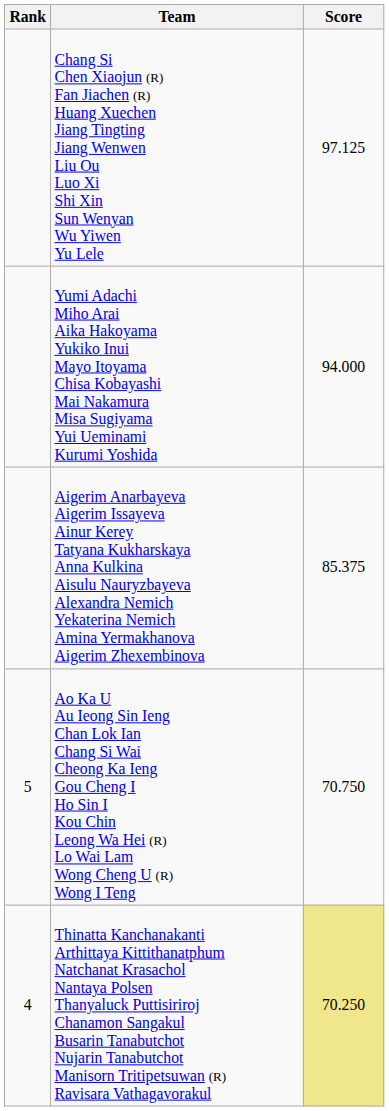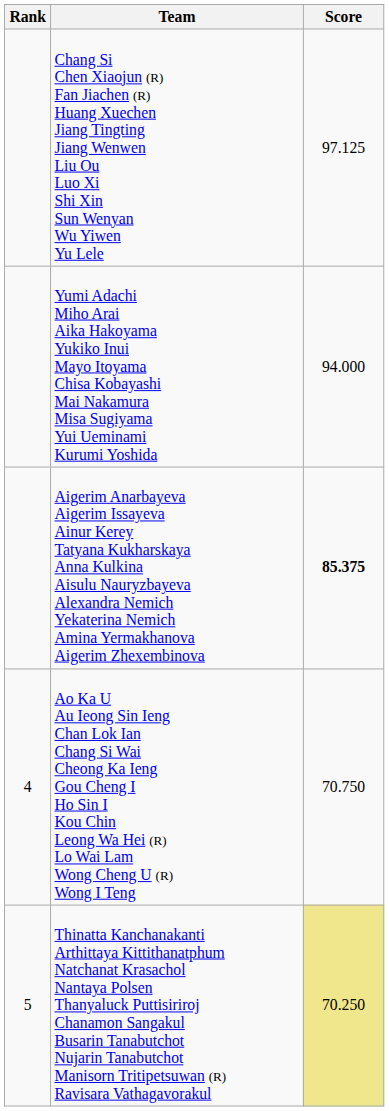 <table class=wikitable style="text-align:center">
 <tr>
 <th width=40>Rank</th>
 <th width=250>Team</th>
 <th width=75>Score</th>
 </tr>
 <tr>
 <td></td>
 <td align=left><br><a href='#'>Chang Si</a><br><a href='#'>Chen Xiaojun</a> <small>(R)</small><br><a href='#'>Fan Jiachen</a> <small>(R)</small><br><a href='#'>Huang Xuechen</a><br><a href='#'>Jiang Tingting</a><br><a href='#'>Jiang Wenwen</a><br><a href='#'>Liu Ou</a><br><a href='#'>Luo Xi</a><br><a href='#'>Shi Xin</a><br><a href='#'>Sun Wenyan</a><br><a href='#'>Wu Yiwen</a><br><a href='#'>Yu Lele</a></td>
 <td>97.125</td>
 </tr>
 <tr>
 <td></td>
 <td align=left><br><a href='#'>Yumi Adachi</a><br><a href='#'>Miho Arai</a><br><a href='#'>Aika Hakoyama</a><br><a href='#'>Yukiko Inui</a><br><a href='#'>Mayo Itoyama</a><br><a href='#'>Chisa Kobayashi</a><br><a href='#'>Mai Nakamura</a><br><a href='#'>Misa Sugiyama</a><br><a href='#'>Yui Ueminami</a><br><a href='#'>Kurumi Yoshida</a></td>
 <td>94.000</td>
 </tr>
 <tr>
 <td></td>
 <td align=left><br><a href='#'>Aigerim Anarbayeva</a><br><a href='#'>Aigerim Issayeva</a><br><a href='#'>Ainur Kerey</a><br><a href='#'>Tatyana Kukharskaya</a><br><a href='#'>Anna Kulkina</a><br><a href='#'>Aisulu Nauryzbayeva</a><br><a href='#'>Alexandra Nemich</a><br><a href='#'>Yekaterina Nemich</a><br><a href='#'>Amina Yermakhanova</a><br><a href='#'>Aigerim Zhexembinova</a></td>
-<td>85.375</td>
+<td><strong>85.375</strong></td>
 </tr>
 <tr>
-<td>5</td>
+<td>4</td>
 <td align=left><br><a href='#'>Ao Ka U</a><br><a href='#'>Au Ieong Sin Ieng</a><br><a href='#'>Chan Lok Ian</a><br><a href='#'>Chang Si Wai</a><br><a href='#'>Cheong Ka Ieng</a><br><a href='#'>Gou Cheng I</a><br><a href='#'>Ho Sin I</a><br><a href='#'>Kou Chin</a><br><a href='#'>Leong Wa Hei</a> <small>(R)</small><br><a href='#'>Lo Wai Lam</a><br><a href='#'>Wong Cheng U</a> <small>(R)</small><br><a href='#'>Wong I Teng</a></td>
 <td>70.750</td>
 </tr>
 <tr>
-<td>4</td>
+<td>5</td>
 <td align=left><br><a href='#'>Thinatta Kanchanakanti</a><br><a href='#'>Arthittaya Kittithanatphum</a><br><a href='#'>Natchanat Krasachol</a><br><a href='#'>Nantaya Polsen</a><br><a href='#'>Thanyaluck Puttisiriroj</a><br><a href='#'>Chanamon Sangakul</a><br><a href='#'>Busarin Tanabutchot</a><br><a href='#'>Nujarin Tanabutchot</a><br><a href='#'>Manisorn Tritipetsuwan</a> <small>(R)</small><br><a href='#'>Ravisara Vathagavorakul</a></td>
 <td style="background: khaki;">70.250</td>
 </tr>
 </table>
